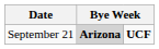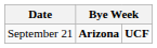 <table class="wikitable" style="font-size:95%;">
 <tr>
 <th>Date</th>
 <th colspan="3">Bye Week</th>
 </tr>
 <tr>
 <td>September 21</td>
-<td style="background: lightgrey;"><strong>Arizona</strong></td>
+<td><strong>Arizona</strong></td>
 <td><strong>UCF</strong></td>
 </tr>
 </table>
